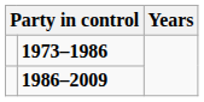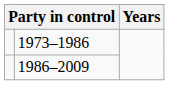 <table class="wikitable">
 <tr>
 <th colspan="2">Party in control</th>
 <th>Years</th>
 </tr>
 <tr>
 <td></td>
-<td><strong>1973–1986</strong></td>
+<td>1973–1986</td>
 </tr>
 <tr>
 <td></td>
-<td><strong>1986–2009</strong></td>
+<td>1986–2009</td>
 </tr>
 </table>
